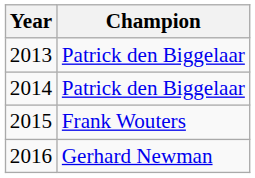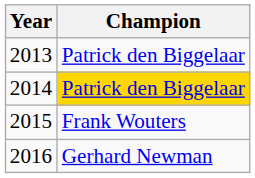 <table class="wikitable" align="right">
 <tr>
 <th>Year</th>
 <th>Champion</th>
 </tr>
 <tr>
 <td>2013</td>
 <td> <a href='#'>Patrick den Biggelaar</a></td>
 </tr>
 <tr>
 <td>2014</td>
-<td> <a href='#'>Patrick den Biggelaar</a></td>
+<td style="background: gold;"> <a href='#'>Patrick den Biggelaar</a></td>
 </tr>
 <tr>
 <td>2015</td>
 <td> <a href='#'>Frank Wouters</a></td>
 </tr>
 <tr>
 <td>2016</td>
 <td> <a href='#'>Gerhard Newman</a></td>
 </tr>
 </table>
